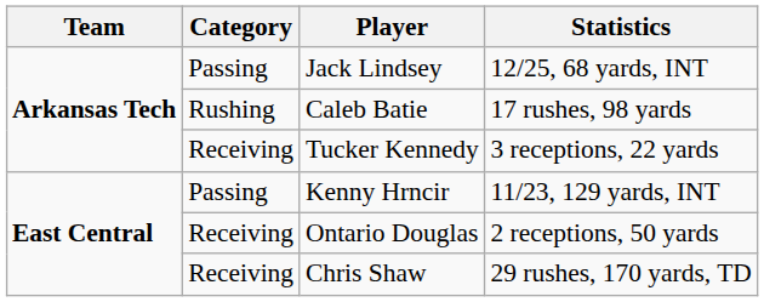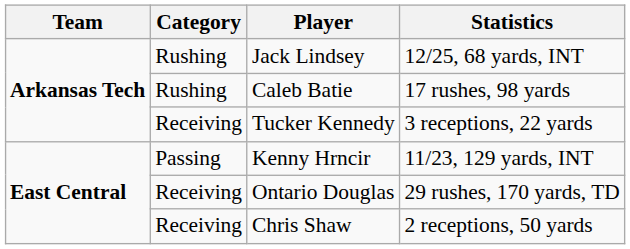 <table class="wikitable" style="float: right;">
 <tr>
 <th>Team</th>
 <th>Category</th>
 <th>Player</th>
 <th>Statistics</th>
 </tr>
 <tr>
 <td rowspan=3><strong>Arkansas Tech</strong></td>
-<td>Passing</td>
+<td>Rushing</td>
 <td>Jack Lindsey</td>
 <td>12/25, 68 yards, INT</td>
 </tr>
 <tr>
 <td>Rushing</td>
 <td>Caleb Batie</td>
 <td>17 rushes, 98 yards</td>
 </tr>
 <tr>
 <td>Receiving</td>
 <td>Tucker Kennedy</td>
 <td>3 receptions, 22 yards</td>
 </tr>
 <tr>
 <td rowspan=3><strong>East Central</strong></td>
 <td>Passing</td>
 <td>Kenny Hrncir</td>
 <td>11/23, 129 yards, INT</td>
 </tr>
 <tr>
 <td>Receiving</td>
 <td>Ontario Douglas</td>
-<td>2 receptions, 50 yards</td>
+<td>29 rushes, 170 yards, TD</td>
 </tr>
 <tr>
 <td>Receiving</td>
 <td>Chris Shaw</td>
-<td>29 rushes, 170 yards, TD</td>
+<td>2 receptions, 50 yards</td>
 </tr>
 </table>
